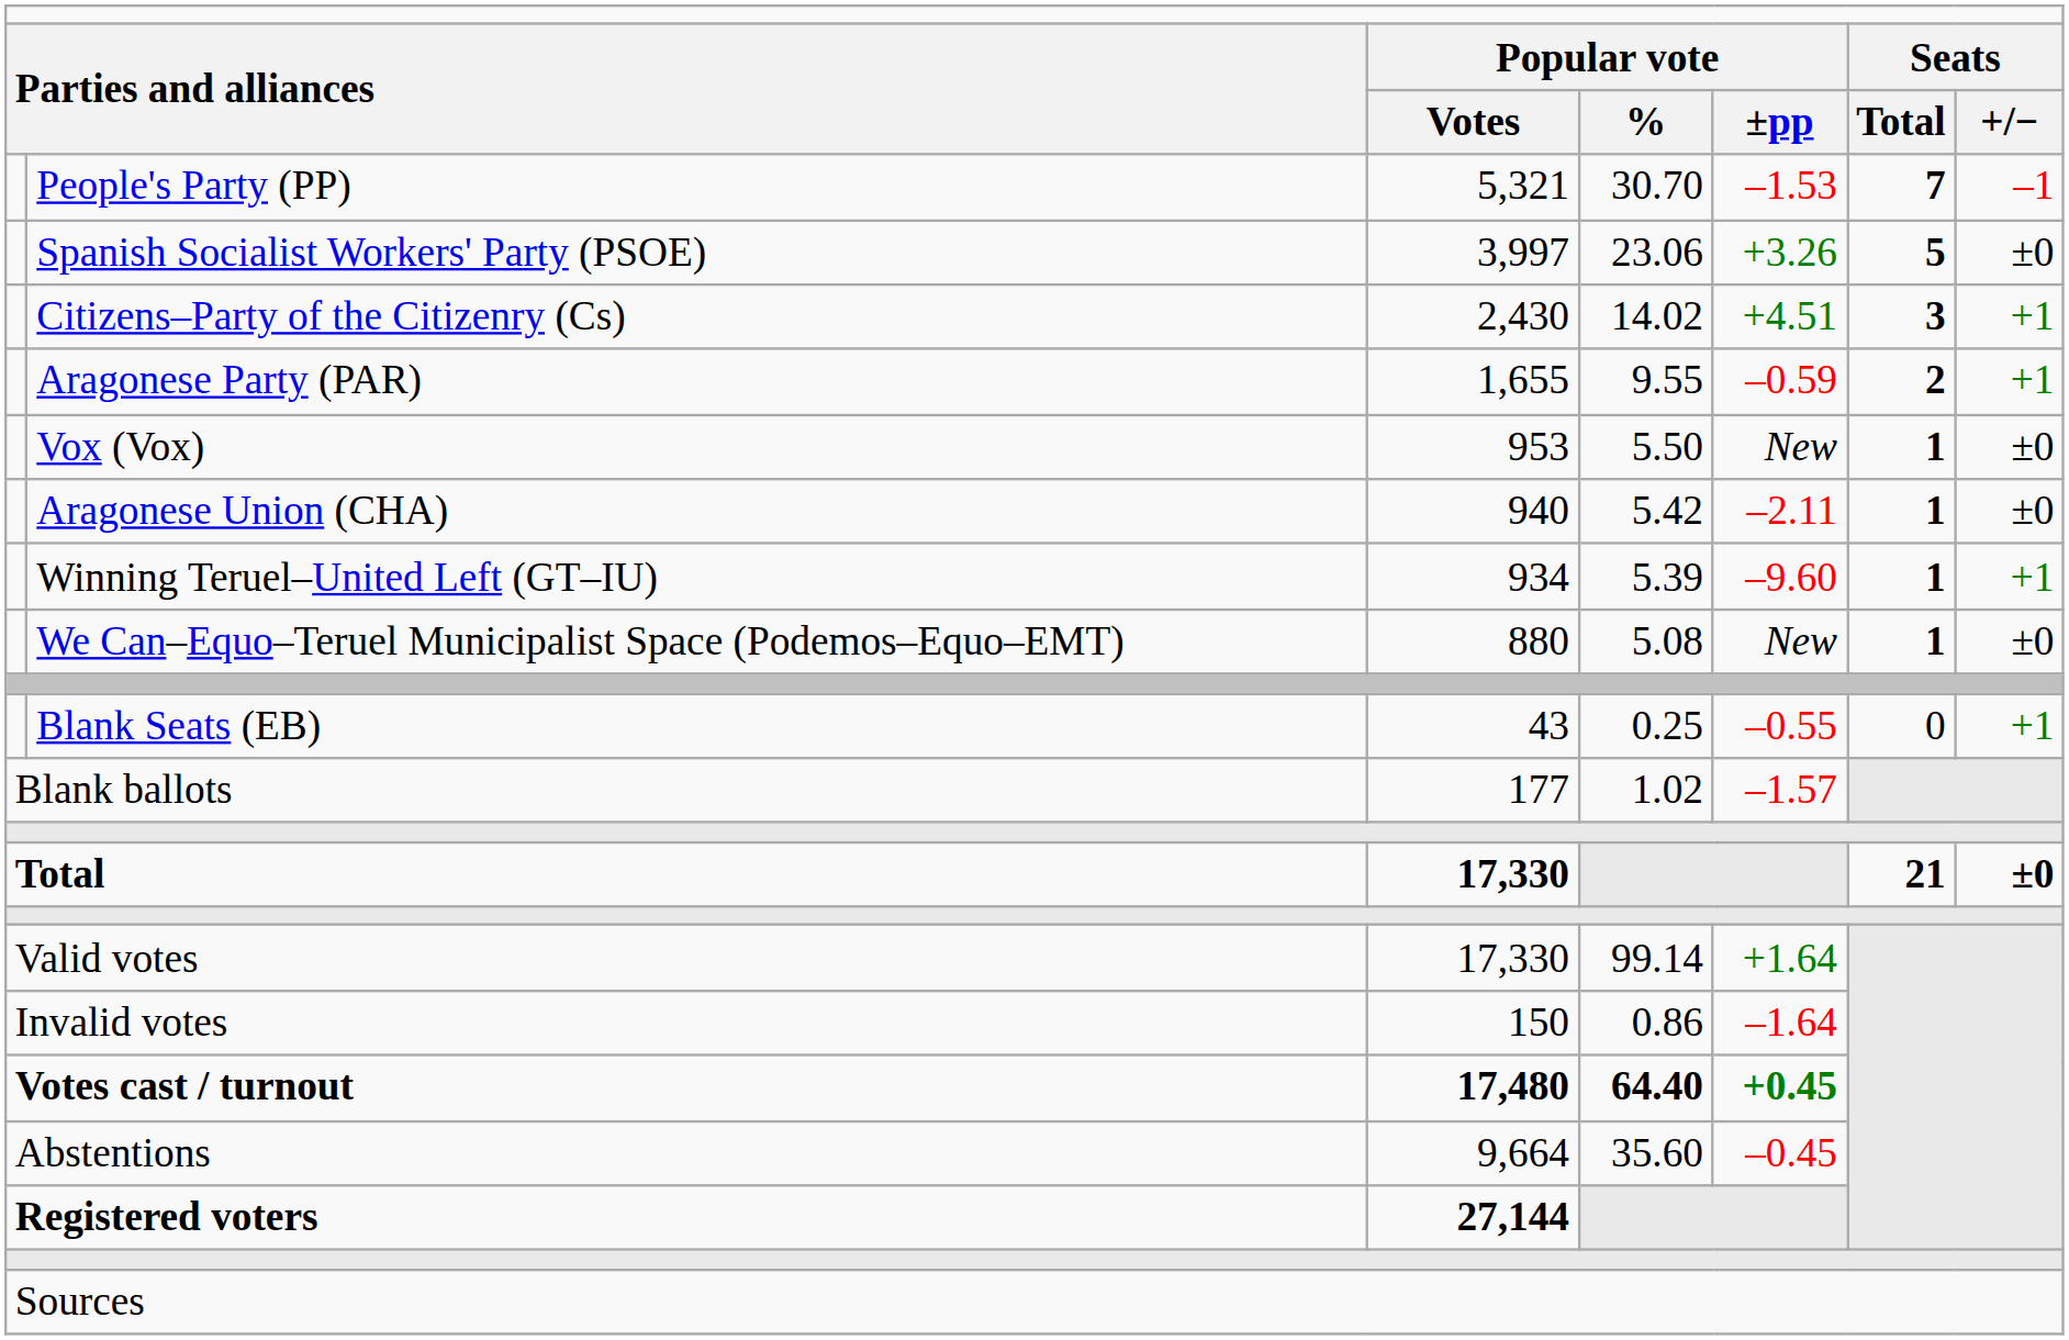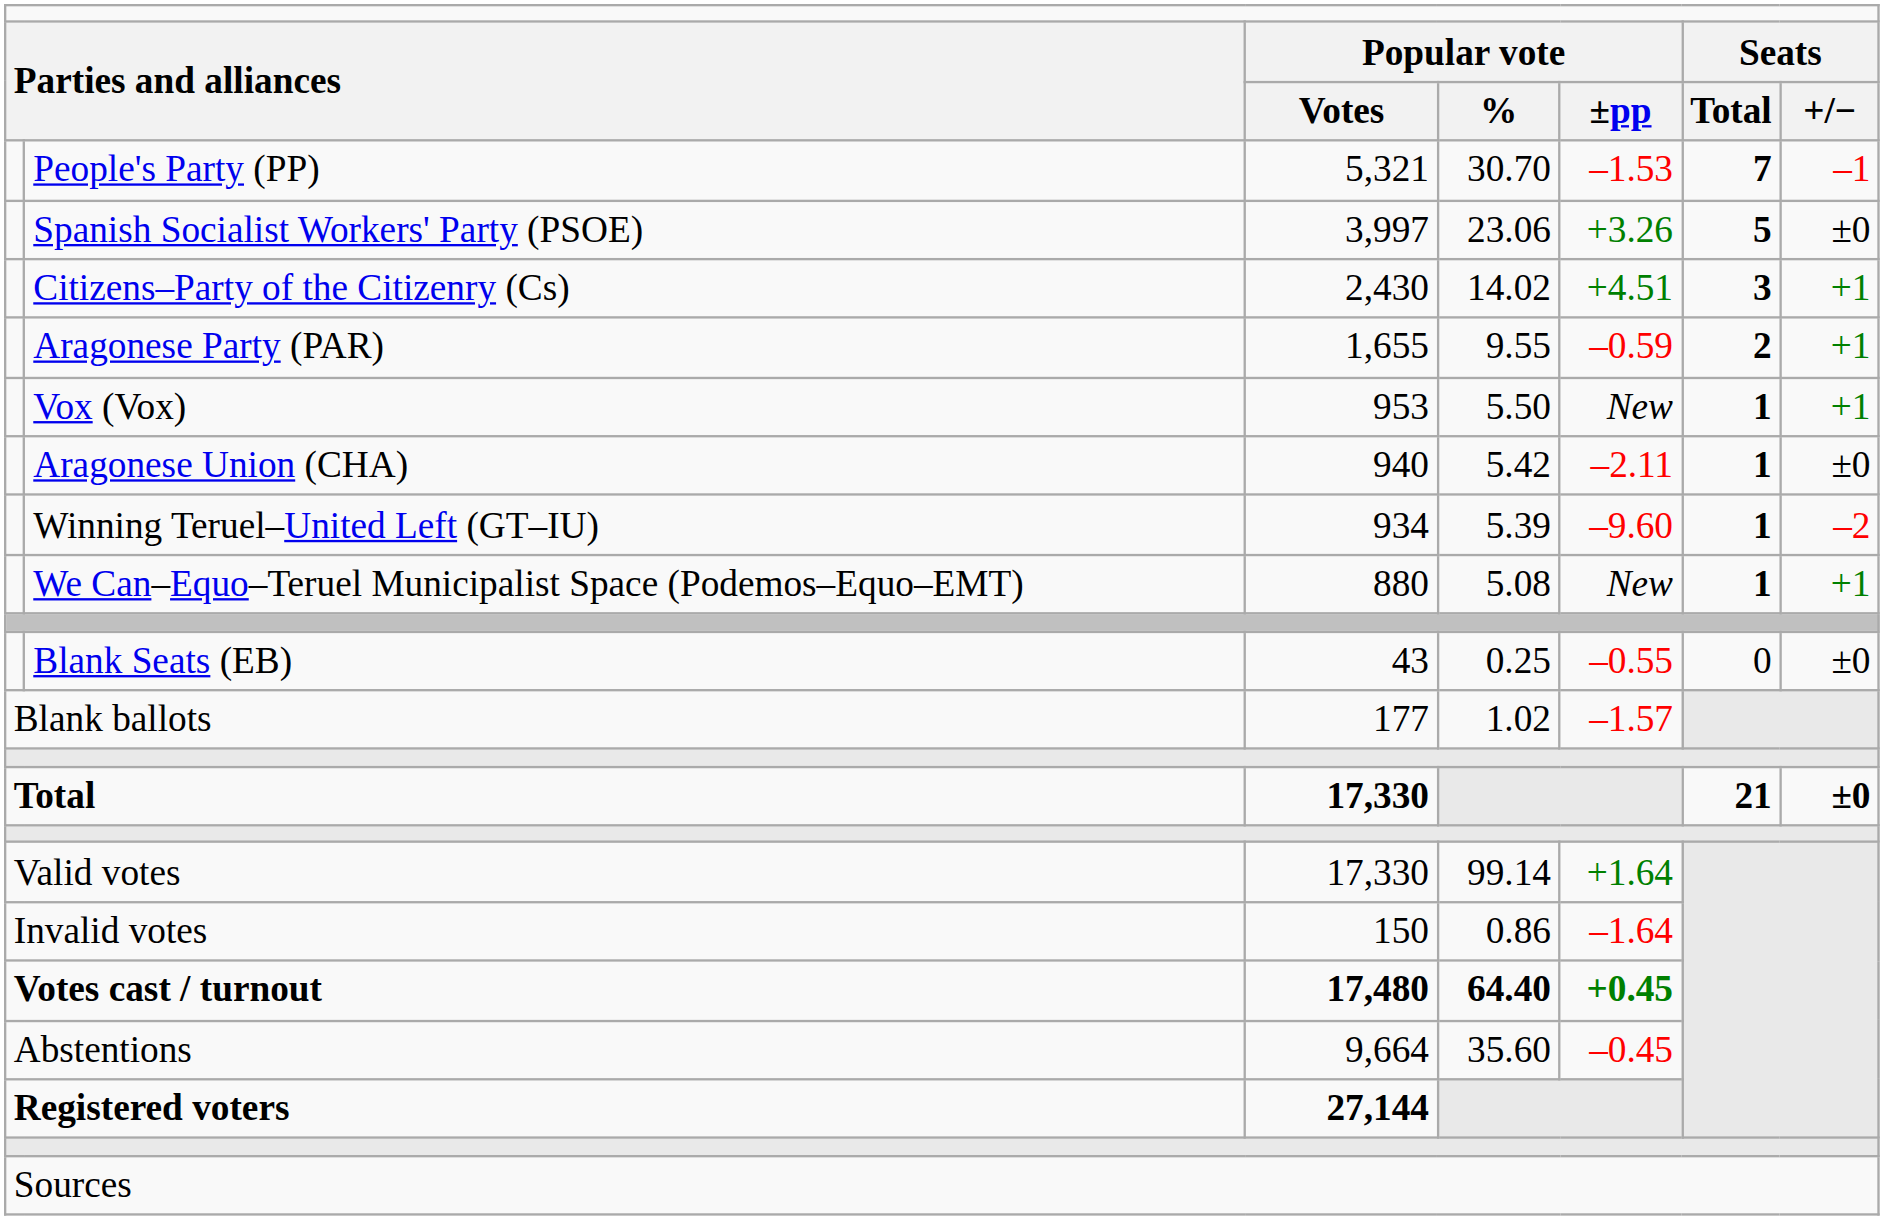 <table class="wikitable" style="text-align:right;">
 <tr>
 <td colspan="7"></td>
 </tr>
 <tr>
 <th style="text-align:left;" rowspan="2" colspan="2" width="525">Parties and alliances</th>
 <th colspan="3">Popular vote</th>
 <th colspan="2">Seats</th>
 </tr>
 <tr>
 <th width="75">Votes</th>
 <th width="45">%</th>
 <th width="45">±<a href='#'>pp</a></th>
 <th width="35">Total</th>
 <th width="35">+/−</th>
 </tr>
 <tr>
 <td width="1" style="color:inherit;background:"></td>
 <td align="left"><a href='#'>People's Party</a> (PP)</td>
 <td>5,321</td>
 <td>30.70</td>
 <td style="color:red;">–1.53</td>
 <td><strong>7</strong></td>
 <td style="color:red;">–1</td>
 </tr>
 <tr>
 <td style="color:inherit;background:"></td>
 <td align="left"><a href='#'>Spanish Socialist Workers' Party</a> (PSOE)</td>
 <td>3,997</td>
 <td>23.06</td>
 <td style="color:green;">+3.26</td>
 <td><strong>5</strong></td>
 <td>±0</td>
 </tr>
 <tr>
 <td style="color:inherit;background:"></td>
 <td align="left"><a href='#'>Citizens–Party of the Citizenry</a> (Cs)</td>
 <td>2,430</td>
 <td>14.02</td>
 <td style="color:green;">+4.51</td>
 <td><strong>3</strong></td>
 <td style="color:green;">+1</td>
 </tr>
 <tr>
 <td style="color:inherit;background:"></td>
 <td align="left"><a href='#'>Aragonese Party</a> (PAR)</td>
 <td>1,655</td>
 <td>9.55</td>
 <td style="color:red;">–0.59</td>
 <td><strong>2</strong></td>
 <td style="color:green;">+1</td>
 </tr>
 <tr>
 <td style="color:inherit;background:"></td>
 <td align="left"><a href='#'>Vox</a> (Vox)</td>
 <td>953</td>
 <td>5.50</td>
 <td><em>New</em></td>
 <td><strong>1</strong></td>
-<td>±0</td>
+<td style="color:green;">+1</td>
 </tr>
 <tr>
 <td style="color:inherit;background:"></td>
 <td align="left"><a href='#'>Aragonese Union</a> (CHA)</td>
 <td>940</td>
 <td>5.42</td>
 <td style="color:red;">–2.11</td>
 <td><strong>1</strong></td>
 <td>±0</td>
 </tr>
 <tr>
 <td style="color:inherit;background:"></td>
 <td align="left">Winning Teruel–<a href='#'>United Left</a> (GT–IU)</td>
 <td>934</td>
 <td>5.39</td>
 <td style="color:red;">–9.60</td>
 <td><strong>1</strong></td>
-<td style="color:green;">+1</td>
+<td style="color:red;">–2</td>
 </tr>
 <tr>
 <td style="color:inherit;background:"></td>
 <td align="left"><a href='#'>We Can</a>–<a href='#'>Equo</a>–Teruel Municipalist Space (Podemos–Equo–EMT)</td>
 <td>880</td>
 <td>5.08</td>
 <td><em>New</em></td>
 <td><strong>1</strong></td>
-<td>±0</td>
+<td style="color:green;">+1</td>
 </tr>
 <tr>
 <td colspan="7" bgcolor="#C0C0C0"></td>
 </tr>
 <tr>
 <td style="color:inherit;background:"></td>
 <td align="left"><a href='#'>Blank Seats</a> (EB)</td>
 <td>43</td>
 <td>0.25</td>
 <td style="color:red;">–0.55</td>
 <td>0</td>
-<td style="color:green;">+1</td>
+<td>±0</td>
 </tr>
 <tr>
 <td align="left" colspan="2">Blank ballots</td>
 <td>177</td>
 <td>1.02</td>
 <td style="color:red;">–1.57</td>
 <td bgcolor="#E9E9E9" colspan="2"></td>
 </tr>
 <tr>
 <td colspan="7" bgcolor="#E9E9E9"></td>
 </tr>
 <tr style="font-weight:bold;">
 <td align="left" colspan="2">Total</td>
 <td>17,330</td>
 <td bgcolor="#E9E9E9" colspan="2"></td>
 <td>21</td>
 <td>±0</td>
 </tr>
 <tr>
 <td colspan="7" bgcolor="#E9E9E9"></td>
 </tr>
 <tr>
 <td align="left" colspan="2">Valid votes</td>
 <td>17,330</td>
 <td>99.14</td>
 <td style="color:green;">+1.64</td>
 <td bgcolor="#E9E9E9" colspan="2" rowspan="5"></td>
 </tr>
 <tr>
 <td align="left" colspan="2">Invalid votes</td>
 <td>150</td>
 <td>0.86</td>
 <td style="color:red;">–1.64</td>
 </tr>
 <tr style="font-weight:bold;">
 <td align="left" colspan="2">Votes cast / turnout</td>
 <td>17,480</td>
 <td>64.40</td>
 <td style="color:green;">+0.45</td>
 </tr>
 <tr>
 <td align="left" colspan="2">Abstentions</td>
 <td>9,664</td>
 <td>35.60</td>
 <td style="color:red;">–0.45</td>
 </tr>
 <tr style="font-weight:bold;">
 <td align="left" colspan="2">Registered voters</td>
 <td>27,144</td>
 <td bgcolor="#E9E9E9" colspan="2"></td>
 </tr>
 <tr>
 <td colspan="7" bgcolor="#E9E9E9"></td>
 </tr>
 <tr>
 <td align="left" colspan="7">Sources</td>
 </tr>
 </table>
